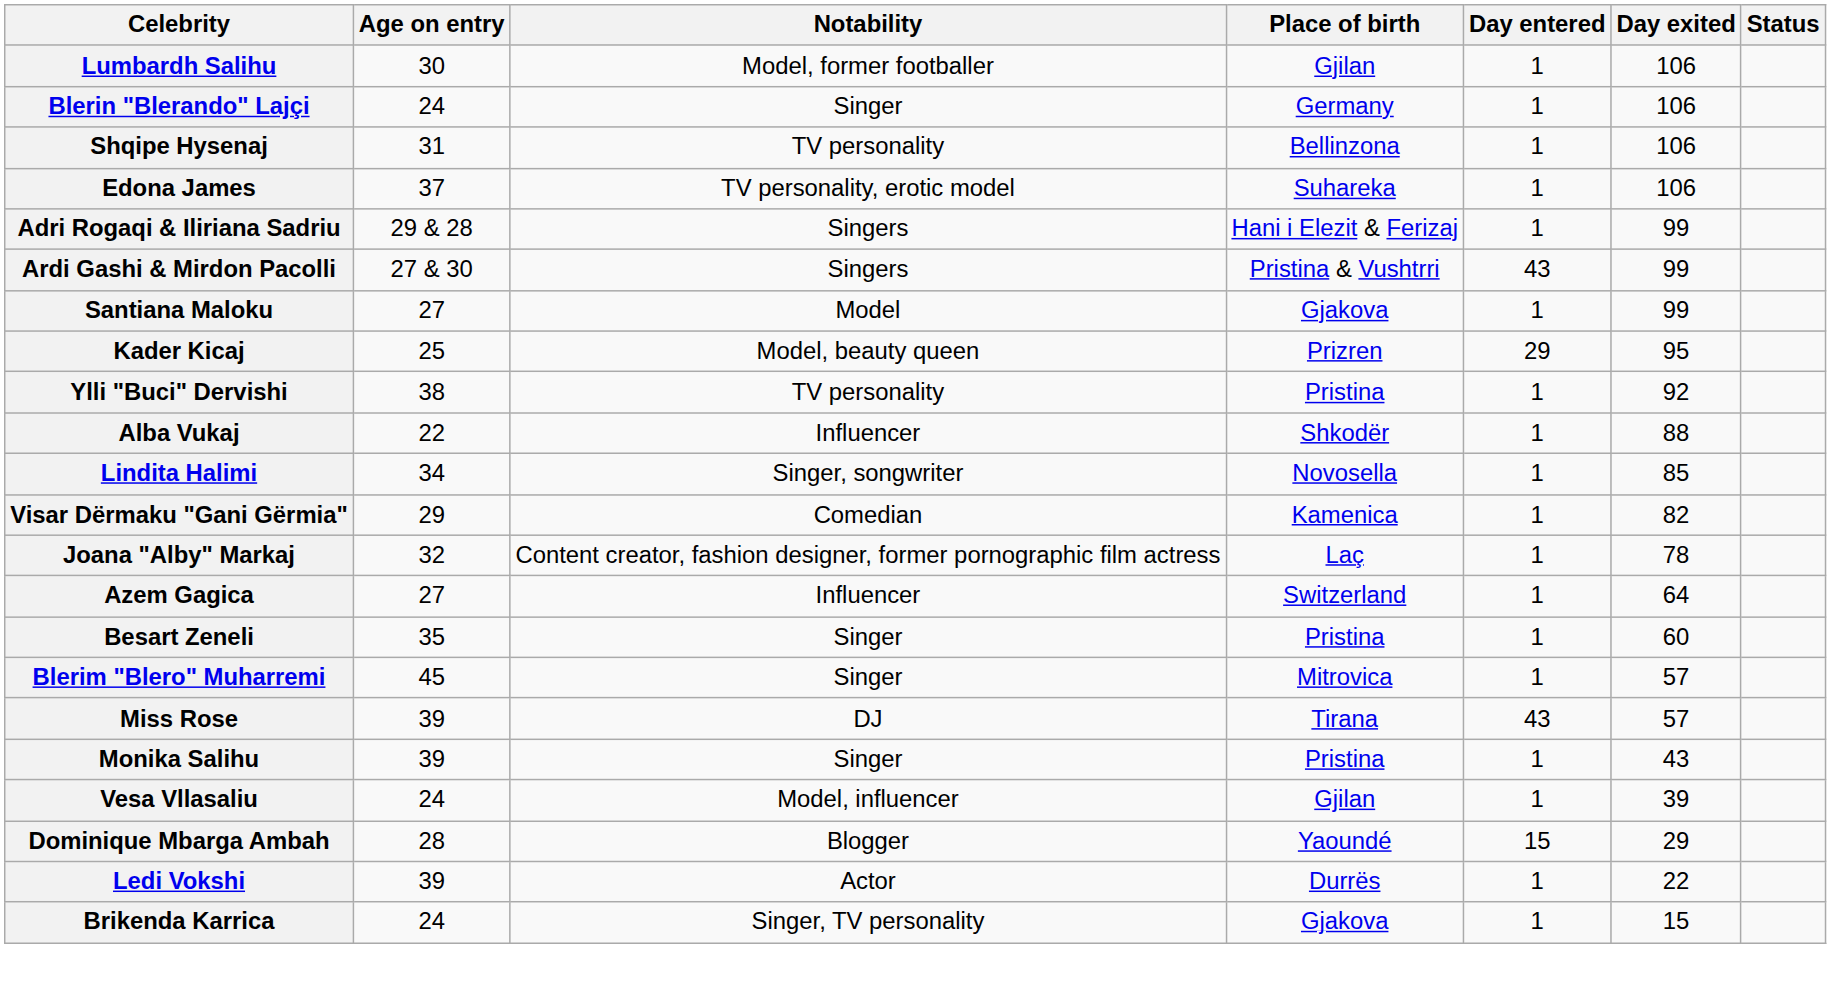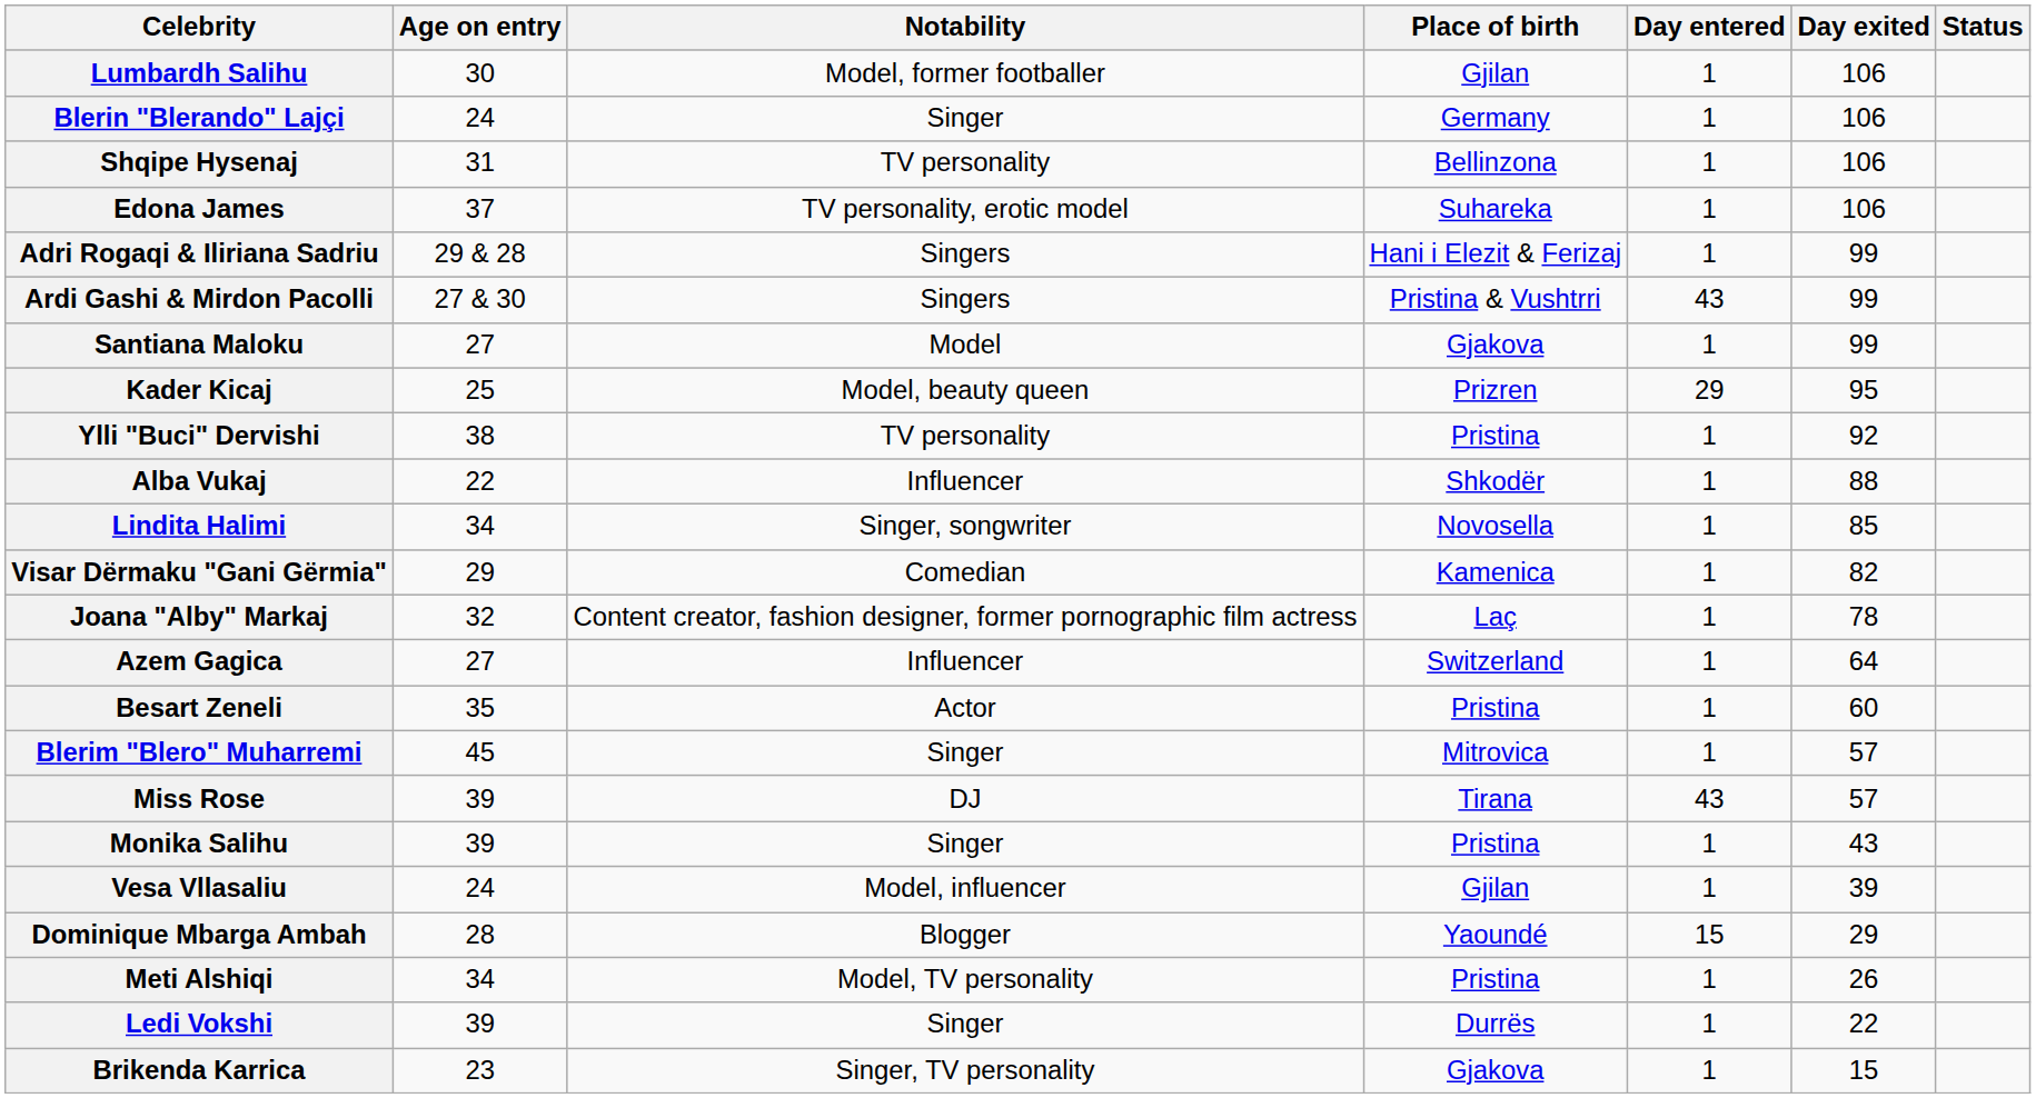 <table class="wikitable sortable" style="text-align:left; line-height:20px; width:auto;">
 <tr>
 <th scope="col">Celebrity</th>
 <th scope="col">Age on entry</th>
 <th scope="col">Notability</th>
 <th scope="col">Place of birth</th>
 <th scope="col">Day entered</th>
 <th scope="col">Day exited</th>
 <th scope="col">Status</th>
 </tr>
 <tr>
 <th scope="row"><a href='#'>Lumbardh Salihu</a></th>
 <td align="center">30</td>
 <td align="center">Model, former footballer</td>
 <td align="center"><a href='#'>Gjilan</a></td>
 <td align="center">1</td>
 <td align="center">106</td>
 <td></td>
 </tr>
 <tr>
 <th scope="row"><a href='#'>Blerin "Blerando" Lajçi</a></th>
 <td align="center">24</td>
 <td align="center">Singer</td>
 <td align="center"><a href='#'>Germany</a></td>
 <td align="center">1</td>
 <td align="center">106</td>
 <td></td>
 </tr>
 <tr>
 <th scope="row">Shqipe Hysenaj</th>
 <td align="center">31</td>
 <td align="center">TV personality</td>
 <td align="center"><a href='#'>Bellinzona</a></td>
 <td align="center">1</td>
 <td align="center">106</td>
 <td></td>
 </tr>
 <tr>
 <th scope="row">Edona James</th>
 <td align="center">37</td>
 <td align="center">TV personality, erotic model</td>
 <td align="center"><a href='#'>Suhareka</a></td>
 <td align="center">1</td>
 <td align="center">106</td>
 <td></td>
 </tr>
 <tr>
 <th scope="row">Adri Rogaqi & Iliriana Sadriu</th>
 <td align="center">29 & 28</td>
 <td align="center">Singers</td>
 <td align="center"><a href='#'>Hani i Elezit</a> & <a href='#'>Ferizaj</a></td>
 <td align="center">1</td>
 <td align="center">99</td>
 <td></td>
 </tr>
 <tr>
 <th scope="row">Ardi Gashi & Mirdon Pacolli</th>
 <td align="center">27 & 30</td>
 <td align="center">Singers</td>
 <td align="center"><a href='#'>Pristina</a> & <a href='#'>Vushtrri</a></td>
 <td align="center">43</td>
 <td align="center">99</td>
 <td></td>
 </tr>
 <tr>
 <th scope="row">Santiana Maloku</th>
 <td align="center">27</td>
 <td align="center">Model</td>
 <td align="center"><a href='#'>Gjakova</a></td>
 <td align="center">1</td>
 <td align="center">99</td>
 <td></td>
 </tr>
 <tr>
 <th scope="row">Kader Kicaj</th>
 <td align="center">25</td>
 <td align="center">Model, beauty queen</td>
 <td align="center"><a href='#'>Prizren</a></td>
 <td align="center">29</td>
 <td align="center">95</td>
 <td></td>
 </tr>
 <tr>
 <th scope="row">Ylli "Buci" Dervishi</th>
 <td align="center">38</td>
 <td align="center">TV personality</td>
 <td align="center"><a href='#'>Pristina</a></td>
 <td align="center">1</td>
 <td align="center">92</td>
 <td></td>
 </tr>
 <tr>
 <th scope="row">Alba Vukaj</th>
 <td align="center">22</td>
 <td align="center">Influencer</td>
 <td align="center"><a href='#'>Shkodër</a></td>
 <td align="center">1</td>
 <td align="center">88</td>
 <td></td>
 </tr>
 <tr>
 <th scope="row"><a href='#'>Lindita Halimi</a></th>
 <td align="center">34</td>
 <td align="center">Singer, songwriter</td>
 <td align="center"><a href='#'>Novosella</a></td>
 <td align="center">1</td>
 <td align="center">85</td>
 <td></td>
 </tr>
 <tr>
 <th scope="row">Visar Dërmaku "Gani Gërmia"</th>
 <td align="center">29</td>
 <td align="center">Comedian</td>
 <td align="center"><a href='#'>Kamenica</a></td>
 <td align="center">1</td>
 <td align="center">82</td>
 <td></td>
 </tr>
 <tr>
 <th scope="row">Joana "Alby" Markaj</th>
 <td align="center">32</td>
 <td align="center">Content creator, fashion designer, former pornographic film actress</td>
 <td align="center"><a href='#'>Laç</a></td>
 <td align="center">1</td>
 <td align="center">78</td>
 <td></td>
 </tr>
 <tr>
 <th scope="row">Azem Gagica</th>
 <td align="center">27</td>
 <td align="center">Influencer</td>
 <td align="center"><a href='#'>Switzerland</a></td>
 <td align="center">1</td>
 <td align="center">64</td>
 <td></td>
 </tr>
 <tr>
 <th scope="row">Besart Zeneli</th>
 <td align="center">35</td>
-<td align="center">Singer</td>
+<td align="center">Actor</td>
 <td align="center"><a href='#'>Pristina</a></td>
 <td align="center">1</td>
 <td align="center">60</td>
 <td></td>
 </tr>
 <tr>
 <th scope="row"><a href='#'>Blerim "Blero" Muharremi</a></th>
 <td align="center">45</td>
 <td align="center">Singer</td>
 <td align="center"><a href='#'>Mitrovica</a></td>
 <td align="center">1</td>
 <td align="center">57</td>
 <td></td>
 </tr>
 <tr>
 <th scope="row">Miss Rose</th>
 <td align="center">39</td>
 <td align="center">DJ</td>
 <td align="center"><a href='#'>Tirana</a></td>
 <td align="center">43</td>
 <td align="center">57</td>
 <td></td>
 </tr>
 <tr>
 <th scope="row">Monika Salihu</th>
 <td align="center">39</td>
 <td align="center">Singer</td>
 <td align="center"><a href='#'>Pristina</a></td>
 <td align="center">1</td>
 <td align="center">43</td>
 <td></td>
 </tr>
 <tr>
 <th scope="row">Vesa Vllasaliu</th>
 <td align="center">24</td>
 <td align="center">Model, influencer</td>
 <td align="center"><a href='#'>Gjilan</a></td>
 <td align="center">1</td>
 <td align="center">39</td>
 <td></td>
 </tr>
 <tr>
 <th scope="row">Dominique Mbarga Ambah</th>
 <td align="center">28</td>
 <td align="center">Blogger</td>
 <td align="center"><a href='#'>Yaoundé</a></td>
 <td align="center">15</td>
 <td align="center">29</td>
 <td></td>
 </tr>
 <tr>
+<th scope="row">Meti Alshiqi</th>
+<td align="center">34</td>
+<td align="center">Model, TV personality</td>
+<td align="center"><a href='#'>Pristina</a></td>
+<td align="center">1</td>
+<td align="center">26</td>
+<td></td>
+</tr>
+<tr>
 <th scope="row"><a href='#'>Ledi Vokshi</a></th>
 <td align="center">39</td>
-<td align="center">Actor</td>
+<td align="center">Singer</td>
 <td align="center"><a href='#'>Durrës</a></td>
 <td align="center">1</td>
 <td align="center">22</td>
 <td></td>
 </tr>
 <tr>
 <th scope="row">Brikenda Karrica</th>
-<td align="center">24</td>
+<td align="center">23</td>
 <td align="center">Singer, TV personality</td>
 <td align="center"><a href='#'>Gjakova</a></td>
 <td align="center">1</td>
 <td align="center">15</td>
 <td></td>
 </tr>
 <tr>
 </tr>
 </table>
